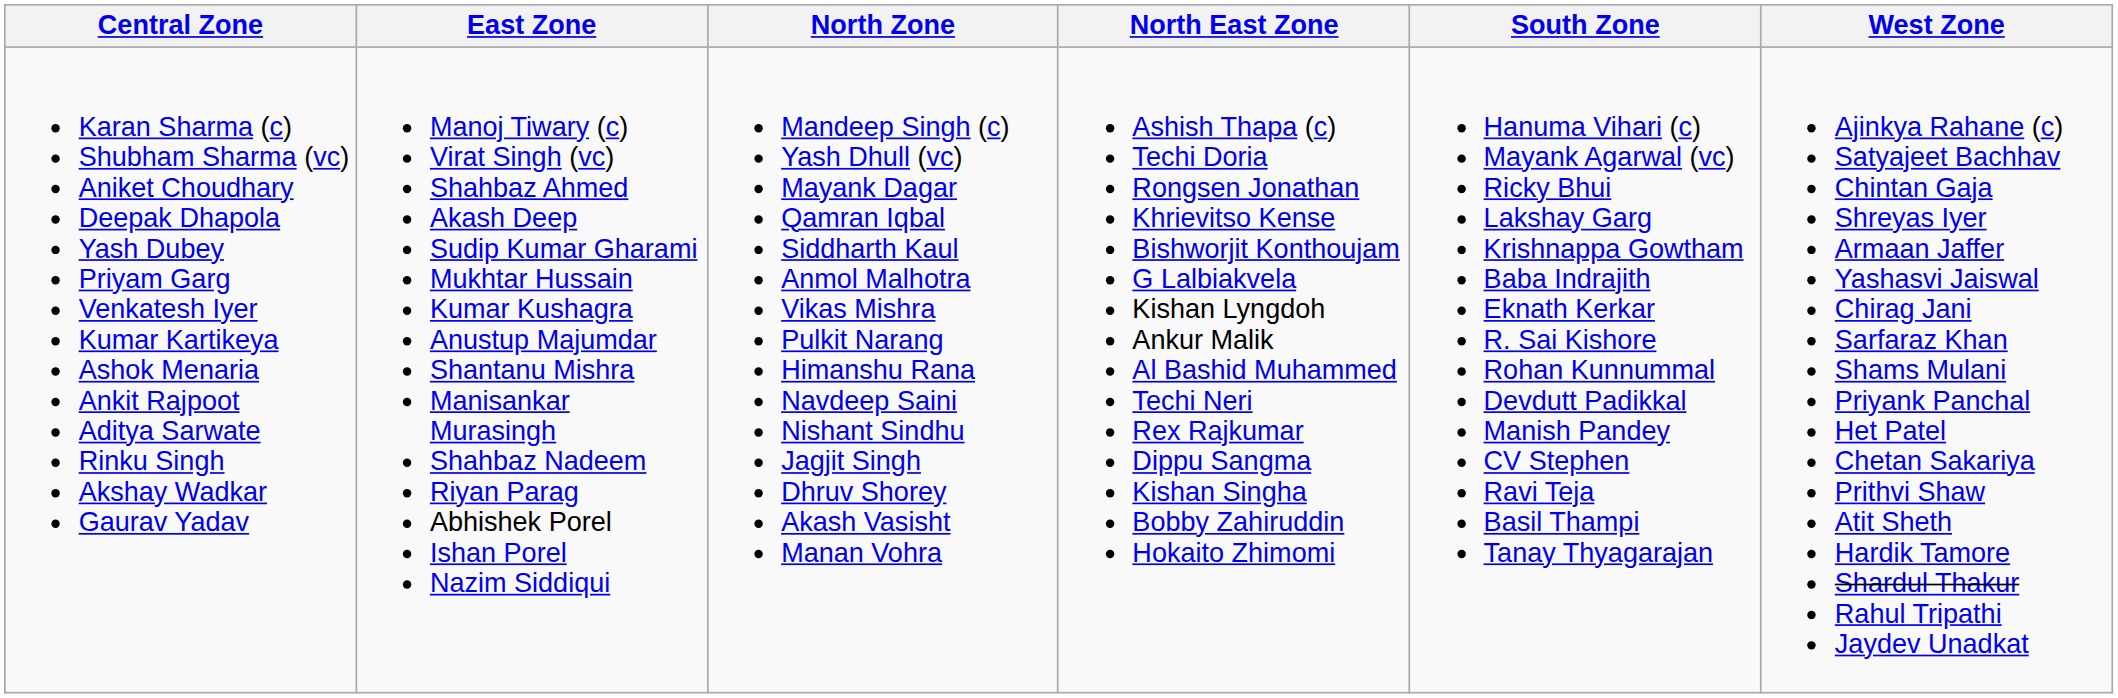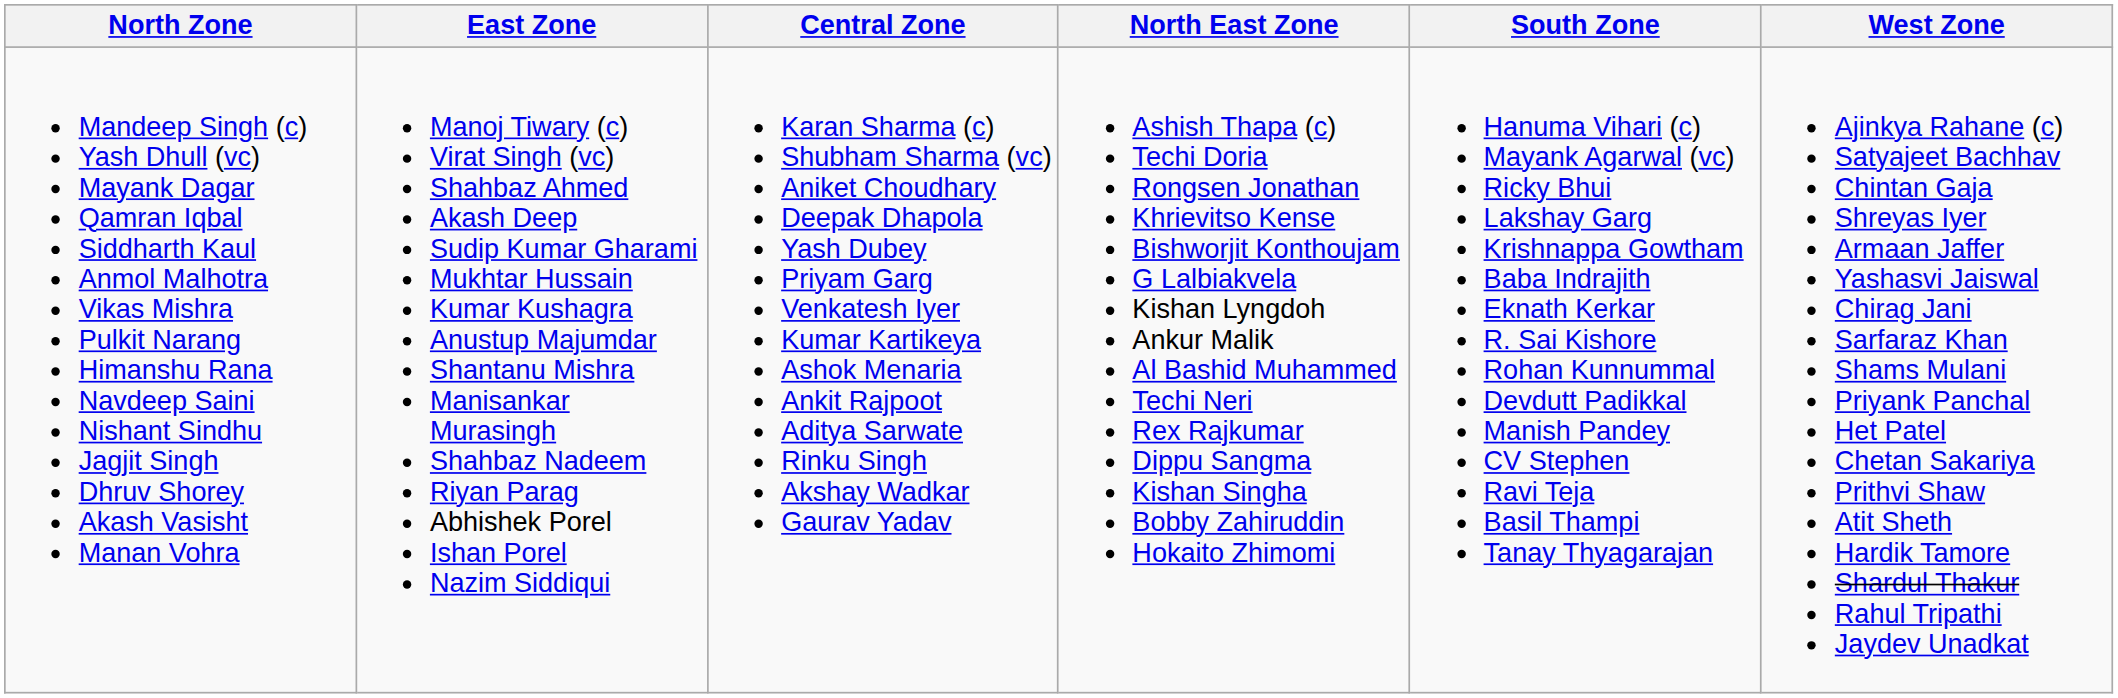 <table class="wikitable">
 <tr>
+<th style="width:15%;"><a href='#'>North Zone</a></th>
+<th style="width:15%;"><a href='#'>East Zone</a></th>
 <th style="width:15%;"><a href='#'>Central Zone</a></th>
-<th style="width:15%;"><a href='#'>East Zone</a></th>
-<th style="width:15%;"><a href='#'>North Zone</a></th>
 <th style="width:15%;"><a href='#'>North East Zone</a></th>
 <th style="width:15%;"><a href='#'>South Zone</a></th>
 <th style="width:15%;"><a href='#'>West Zone</a></th>
 </tr>
 <tr style="vertical-align:top">
+<td><br><ul><li><a href='#'>Mandeep Singh</a> (<a href='#'>c</a>)</li><li><a href='#'>Yash Dhull</a> (<a href='#'>vc</a>)</li><li><a href='#'>Mayank Dagar</a></li><li><a href='#'>Qamran Iqbal</a></li><li><a href='#'>Siddharth Kaul</a></li><li><a href='#'>Anmol Malhotra</a></li><li><a href='#'>Vikas Mishra</a></li><li><a href='#'>Pulkit Narang</a></li><li><a href='#'>Himanshu Rana</a></li><li><a href='#'>Navdeep Saini</a></li><li><a href='#'>Nishant Sindhu</a></li><li><a href='#'>Jagjit Singh</a></li><li><a href='#'>Dhruv Shorey</a></li><li><a href='#'>Akash Vasisht</a></li><li><a href='#'>Manan Vohra</a></li></ul></td>
+<td><br><ul><li><a href='#'>Manoj Tiwary</a> (<a href='#'>c</a>)</li><li><a href='#'>Virat Singh</a> (<a href='#'>vc</a>)</li><li><a href='#'>Shahbaz Ahmed</a></li><li><a href='#'>Akash Deep</a></li><li><a href='#'>Sudip Kumar Gharami</a></li><li><a href='#'>Mukhtar Hussain</a></li><li><a href='#'>Kumar Kushagra</a></li><li><a href='#'>Anustup Majumdar</a></li><li><a href='#'>Shantanu Mishra</a></li><li><a href='#'>Manisankar Murasingh</a></li><li><a href='#'>Shahbaz Nadeem</a></li><li><a href='#'>Riyan Parag</a></li><li>Abhishek Porel</li><li><a href='#'>Ishan Porel</a></li><li><a href='#'>Nazim Siddiqui</a></li></ul></td>
 <td><br><ul><li><a href='#'>Karan Sharma</a> (<a href='#'>c</a>)</li><li><a href='#'>Shubham Sharma</a> (<a href='#'>vc</a>)</li><li><a href='#'>Aniket Choudhary</a></li><li><a href='#'>Deepak Dhapola</a></li><li><a href='#'>Yash Dubey</a></li><li><a href='#'>Priyam Garg</a></li><li><a href='#'>Venkatesh Iyer</a></li><li><a href='#'>Kumar Kartikeya</a></li><li><a href='#'>Ashok Menaria</a></li><li><a href='#'>Ankit Rajpoot</a></li><li><a href='#'>Aditya Sarwate</a></li><li><a href='#'>Rinku Singh</a></li><li><a href='#'>Akshay Wadkar</a></li><li><a href='#'>Gaurav Yadav</a></li></ul></td>
-<td><br><ul><li><a href='#'>Manoj Tiwary</a> (<a href='#'>c</a>)</li><li><a href='#'>Virat Singh</a> (<a href='#'>vc</a>)</li><li><a href='#'>Shahbaz Ahmed</a></li><li><a href='#'>Akash Deep</a></li><li><a href='#'>Sudip Kumar Gharami</a></li><li><a href='#'>Mukhtar Hussain</a></li><li><a href='#'>Kumar Kushagra</a></li><li><a href='#'>Anustup Majumdar</a></li><li><a href='#'>Shantanu Mishra</a></li><li><a href='#'>Manisankar Murasingh</a></li><li><a href='#'>Shahbaz Nadeem</a></li><li><a href='#'>Riyan Parag</a></li><li>Abhishek Porel</li><li><a href='#'>Ishan Porel</a></li><li><a href='#'>Nazim Siddiqui</a></li></ul></td>
-<td><br><ul><li><a href='#'>Mandeep Singh</a> (<a href='#'>c</a>)</li><li><a href='#'>Yash Dhull</a> (<a href='#'>vc</a>)</li><li><a href='#'>Mayank Dagar</a></li><li><a href='#'>Qamran Iqbal</a></li><li><a href='#'>Siddharth Kaul</a></li><li><a href='#'>Anmol Malhotra</a></li><li><a href='#'>Vikas Mishra</a></li><li><a href='#'>Pulkit Narang</a></li><li><a href='#'>Himanshu Rana</a></li><li><a href='#'>Navdeep Saini</a></li><li><a href='#'>Nishant Sindhu</a></li><li><a href='#'>Jagjit Singh</a></li><li><a href='#'>Dhruv Shorey</a></li><li><a href='#'>Akash Vasisht</a></li><li><a href='#'>Manan Vohra</a></li></ul></td>
 <td><br><ul><li><a href='#'>Ashish Thapa</a> (<a href='#'>c</a>)</li><li><a href='#'>Techi Doria</a></li><li><a href='#'>Rongsen Jonathan</a></li><li><a href='#'>Khrievitso Kense</a></li><li><a href='#'>Bishworjit Konthoujam</a></li><li><a href='#'>G Lalbiakvela</a></li><li>Kishan Lyngdoh</li><li>Ankur Malik</li><li><a href='#'>Al Bashid Muhammed</a></li><li><a href='#'>Techi Neri</a></li><li><a href='#'>Rex Rajkumar</a></li><li><a href='#'>Dippu Sangma</a></li><li><a href='#'>Kishan Singha</a></li><li><a href='#'>Bobby Zahiruddin</a></li><li><a href='#'>Hokaito Zhimomi</a></li></ul></td>
 <td><br><ul><li><a href='#'>Hanuma Vihari</a> (<a href='#'>c</a>)</li><li><a href='#'>Mayank Agarwal</a> (<a href='#'>vc</a>)</li><li><a href='#'>Ricky Bhui</a></li><li><a href='#'>Lakshay Garg</a></li><li><a href='#'>Krishnappa Gowtham</a></li><li><a href='#'>Baba Indrajith</a></li><li><a href='#'>Eknath Kerkar</a></li><li><a href='#'>R. Sai Kishore</a></li><li><a href='#'>Rohan Kunnummal</a></li><li><a href='#'>Devdutt Padikkal</a></li><li><a href='#'>Manish Pandey</a></li><li><a href='#'>CV Stephen</a></li><li><a href='#'>Ravi Teja</a></li><li><a href='#'>Basil Thampi</a></li><li><a href='#'>Tanay Thyagarajan</a></li></ul></td>
 <td><br><ul><li><a href='#'>Ajinkya Rahane</a> (<a href='#'>c</a>)</li><li><a href='#'>Satyajeet Bachhav</a></li><li><a href='#'>Chintan Gaja</a></li><li><a href='#'>Shreyas Iyer</a></li><li><a href='#'>Armaan Jaffer</a></li><li><a href='#'>Yashasvi Jaiswal</a></li><li><a href='#'>Chirag Jani</a></li><li><a href='#'>Sarfaraz Khan</a></li><li><a href='#'>Shams Mulani</a></li><li><a href='#'>Priyank Panchal</a></li><li><a href='#'>Het Patel</a></li><li><a href='#'>Chetan Sakariya</a></li><li><a href='#'>Prithvi Shaw</a></li><li><a href='#'>Atit Sheth</a></li><li><a href='#'>Hardik Tamore</a></li><li><s><a href='#'>Shardul Thakur</a></s> </li><li><a href='#'>Rahul Tripathi</a></li><li><a href='#'>Jaydev Unadkat</a></li></ul></td>
 </tr>
 </table>
